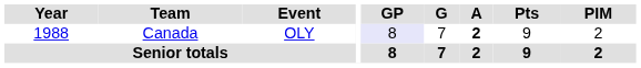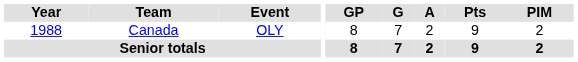 <table border="0" cellpadding="1" cellspacing="0" ID="Table3" style="text-align:center; width:40em">
 <tr bgcolor="#e0e0e0">
 <th>Year</th>
 <th>Team</th>
 <th>Event</th>
 <th rowspan="102" bgcolor="#ffffff"></th>
 <th>GP</th>
 <th>G</th>
 <th>A</th>
 <th>Pts</th>
 <th>PIM</th>
 </tr>
 <tr>
 <td><a href='#'>1988</a></td>
 <td><a href='#'>Canada</a></td>
 <td><a href='#'>OLY</a></td>
-<td style="background: lavender;">8</td>
+<td>8</td>
 <td>7</td>
-<td><strong>2</strong></td>
+<td>2</td>
 <td>9</td>
 <td>2</td>
 </tr>
 <tr bgcolor="#e0e0e0">
 <th colspan="3">Senior totals</th>
 <th>8</th>
 <th>7</th>
 <th>2</th>
 <th>9</th>
 <th>2</th>
 </tr>
 </table>
